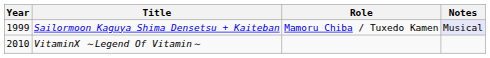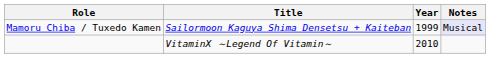 <table class="wikitable">
 <tr>
+<th>Role</th>
+<th>Title</th>
 <th>Year</th>
-<th>Title</th>
-<th>Role</th>
 <th>Notes</th>
 </tr>
 <tr>
+<td><a href='#'>Mamoru Chiba</a> / Tuxedo Kamen</td>
+<td><em><a href='#'>Sailormoon Kaguya Shima Densetsu + Kaiteban</a></em></td>
 <td>1999</td>
-<td><em><a href='#'>Sailormoon Kaguya Shima Densetsu + Kaiteban</a></em></td>
-<td><a href='#'>Mamoru Chiba</a> / Tuxedo Kamen</td>
 <td style="background: lavender;">Musical</td>
 </tr>
 <tr>
+<td></td>
+<td><em>VitaminX ～Legend Of Vitamin～</em></td>
 <td>2010</td>
-<td><em>VitaminX ～Legend Of Vitamin～</em></td>
-<td></td>
 <td></td>
 </tr>
 </table>
